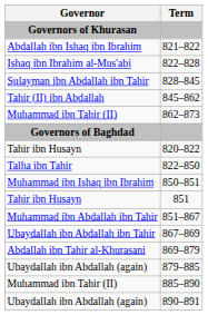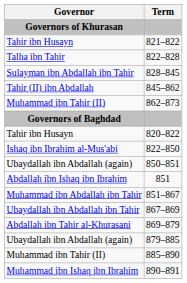 <table class="wikitable">
 <tr>
 <th>Governor</th>
 <th>Term</th>
 </tr>
 <tr bgcolor="#C0C0C0">
 <td align="center"><strong>Governors of Khurasan</strong></td>
 <td></td>
 </tr>
 <tr>
-<td><a href='#'>Abdallah ibn Ishaq ibn Ibrahim</a></td>
+<td><a href='#'>Tahir ibn Husayn</a></td>
 <td>821–822</td>
 </tr>
 <tr>
-<td><a href='#'>Ishaq ibn Ibrahim al-Mus'abi</a></td>
+<td><a href='#'>Talha ibn Tahir</a></td>
 <td>822–828</td>
 </tr>
 <tr>
 <td><a href='#'>Sulayman ibn Abdallah ibn Tahir</a></td>
 <td>828–845</td>
 </tr>
 <tr>
 <td><a href='#'>Tahir (II) ibn Abdallah</a></td>
 <td>845–862</td>
 </tr>
 <tr>
 <td><a href='#'>Muhammad ibn Tahir (II)</a></td>
 <td>862–873</td>
 </tr>
 <tr bgcolor="#C0C0C0">
 <td align="center"><strong>Governors of Baghdad</strong></td>
 <td></td>
 </tr>
 <tr>
 <td>Tahir ibn Husayn</td>
 <td>820–822</td>
 </tr>
 <tr>
-<td><a href='#'>Talha ibn Tahir</a></td>
+<td><a href='#'>Ishaq ibn Ibrahim al-Mus'abi</a></td>
 <td>822–850</td>
 </tr>
 <tr>
-<td><a href='#'>Muhammad ibn Ishaq ibn Ibrahim</a></td>
+<td>Ubaydallah ibn Abdallah (again)</td>
 <td>850–851</td>
 </tr>
 <tr>
-<td><a href='#'>Tahir ibn Husayn</a></td>
+<td><a href='#'>Abdallah ibn Ishaq ibn Ibrahim</a></td>
 <td align="center">851</td>
 </tr>
 <tr>
 <td><a href='#'>Muhammad ibn Abdallah ibn Tahir</a></td>
 <td>851–867</td>
 </tr>
 <tr>
 <td><a href='#'>Ubaydallah ibn Abdallah ibn Tahir</a></td>
 <td>867–869</td>
 </tr>
 <tr>
 <td><a href='#'>Abdallah ibn Tahir al-Khurasani</a></td>
 <td>869–879</td>
 </tr>
 <tr>
 <td>Ubaydallah ibn Abdallah (again)</td>
 <td>879–885</td>
 </tr>
 <tr>
 <td>Muhammad ibn Tahir (II)</td>
 <td>885–890</td>
 </tr>
 <tr>
-<td>Ubaydallah ibn Abdallah (again)</td>
+<td><a href='#'>Muhammad ibn Ishaq ibn Ibrahim</a></td>
 <td>890–891</td>
 </tr>
 </table>
